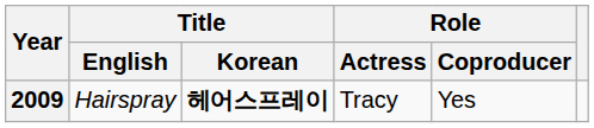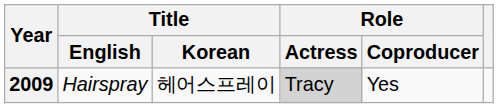 <table class="wikitable plainrowheaders">
 <tr>
 <th rowspan="2" scope="col">Year</th>
 <th colspan="2" scope="col">Title</th>
 <th colspan="2" scope="col">Role</th>
 <th rowspan="2" scope="col" class="unsortable"></th>
 </tr>
 <tr>
 <th>English</th>
 <th>Korean</th>
 <th>Actress</th>
 <th>Coproducer</th>
 </tr>
 <tr>
 <th scope="row">2009</th>
 <td><em>Hairspray</em></td>
-<td><strong>헤어스프레이</strong></td>
-<td>Tracy</td>
+<td>헤어스프레이</td>
+<td style="background: lightgrey;">Tracy</td>
 <td>Yes</td>
 <td></td>
 </tr>
 </table>
